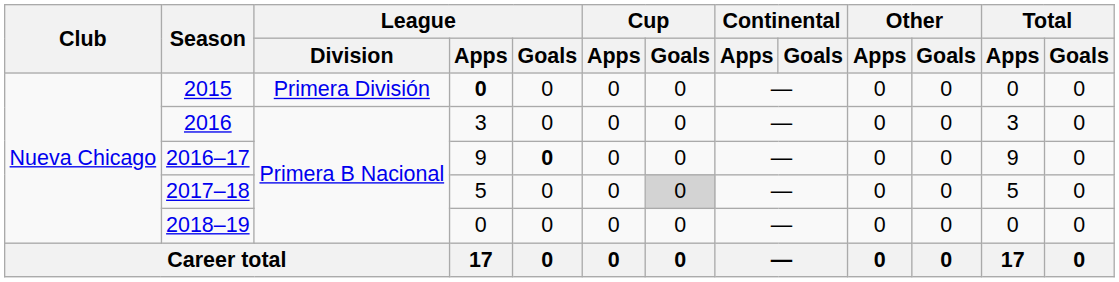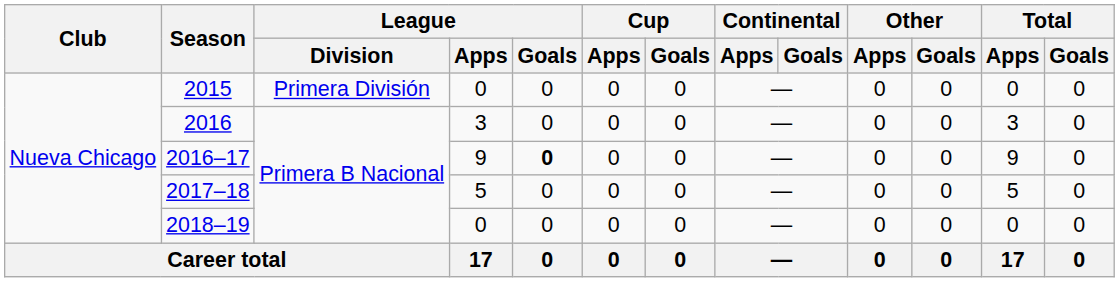 <table class="wikitable" style="text-align:center">
 <tr>
 <th rowspan="2">Club</th>
 <th rowspan="2">Season</th>
 <th colspan="3">League</th>
 <th colspan="2">Cup</th>
 <th colspan="2">Continental</th>
 <th colspan="2">Other</th>
 <th colspan="2">Total</th>
 </tr>
 <tr>
 <th>Division</th>
 <th>Apps</th>
 <th>Goals</th>
 <th>Apps</th>
 <th>Goals</th>
 <th>Apps</th>
 <th>Goals</th>
 <th>Apps</th>
 <th>Goals</th>
 <th>Apps</th>
 <th>Goals</th>
 </tr>
 <tr>
 <td rowspan="5"><a href='#'>Nueva Chicago</a></td>
 <td><a href='#'>2015</a></td>
 <td rowspan="1"><a href='#'>Primera División</a></td>
-<td><strong>0</strong></td>
+<td>0</td>
 <td>0</td>
 <td>0</td>
 <td>0</td>
 <td colspan="2">—</td>
 <td>0</td>
 <td>0</td>
 <td>0</td>
 <td>0</td>
 </tr>
 <tr>
 <td><a href='#'>2016</a></td>
 <td rowspan="4"><a href='#'>Primera B Nacional</a></td>
 <td>3</td>
 <td>0</td>
 <td>0</td>
 <td>0</td>
 <td colspan="2">—</td>
 <td>0</td>
 <td>0</td>
 <td>3</td>
 <td>0</td>
 </tr>
 <tr>
 <td><a href='#'>2016–17</a></td>
 <td>9</td>
 <td><strong>0</strong></td>
 <td>0</td>
 <td>0</td>
 <td colspan="2">—</td>
 <td>0</td>
 <td>0</td>
 <td>9</td>
 <td>0</td>
 </tr>
 <tr>
 <td><a href='#'>2017–18</a></td>
 <td>5</td>
 <td>0</td>
 <td>0</td>
-<td style="background: lightgrey;">0</td>
+<td>0</td>
 <td colspan="2">—</td>
 <td>0</td>
 <td>0</td>
 <td>5</td>
 <td>0</td>
 </tr>
 <tr>
 <td><a href='#'>2018–19</a></td>
 <td>0</td>
 <td>0</td>
 <td>0</td>
 <td>0</td>
 <td colspan="2">—</td>
 <td>0</td>
 <td>0</td>
 <td>0</td>
 <td>0</td>
 </tr>
 <tr>
 <th colspan="3">Career total</th>
 <th>17</th>
 <th>0</th>
 <th>0</th>
 <th>0</th>
 <th colspan="2">—</th>
 <th>0</th>
 <th>0</th>
 <th>17</th>
 <th>0</th>
 </tr>
 </table>
